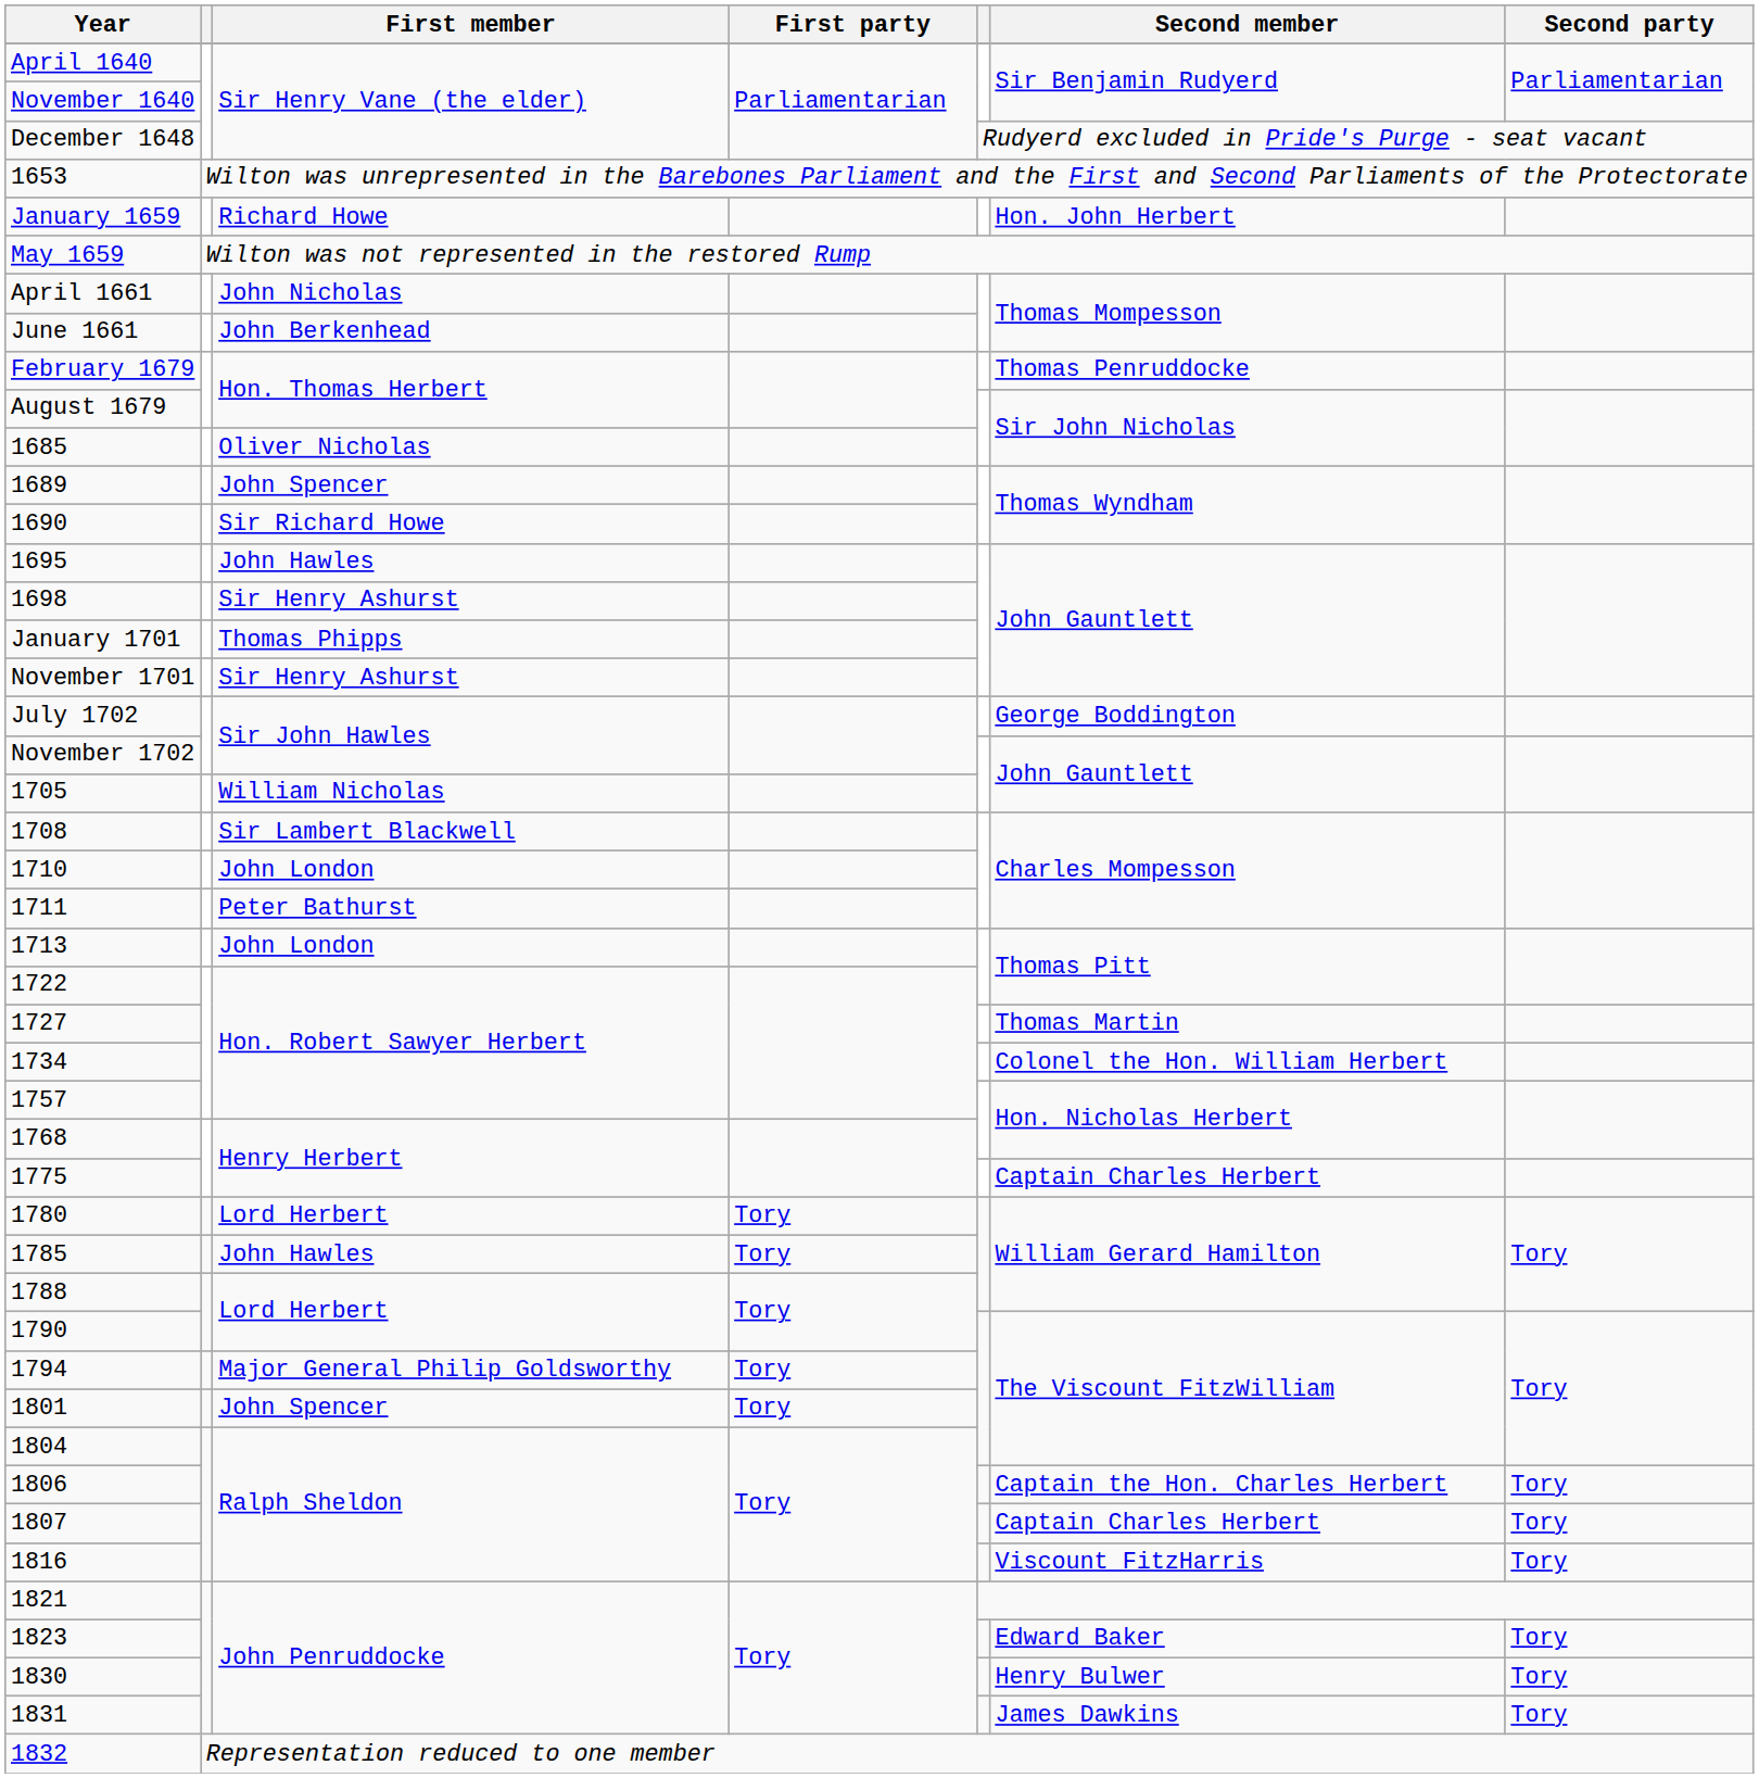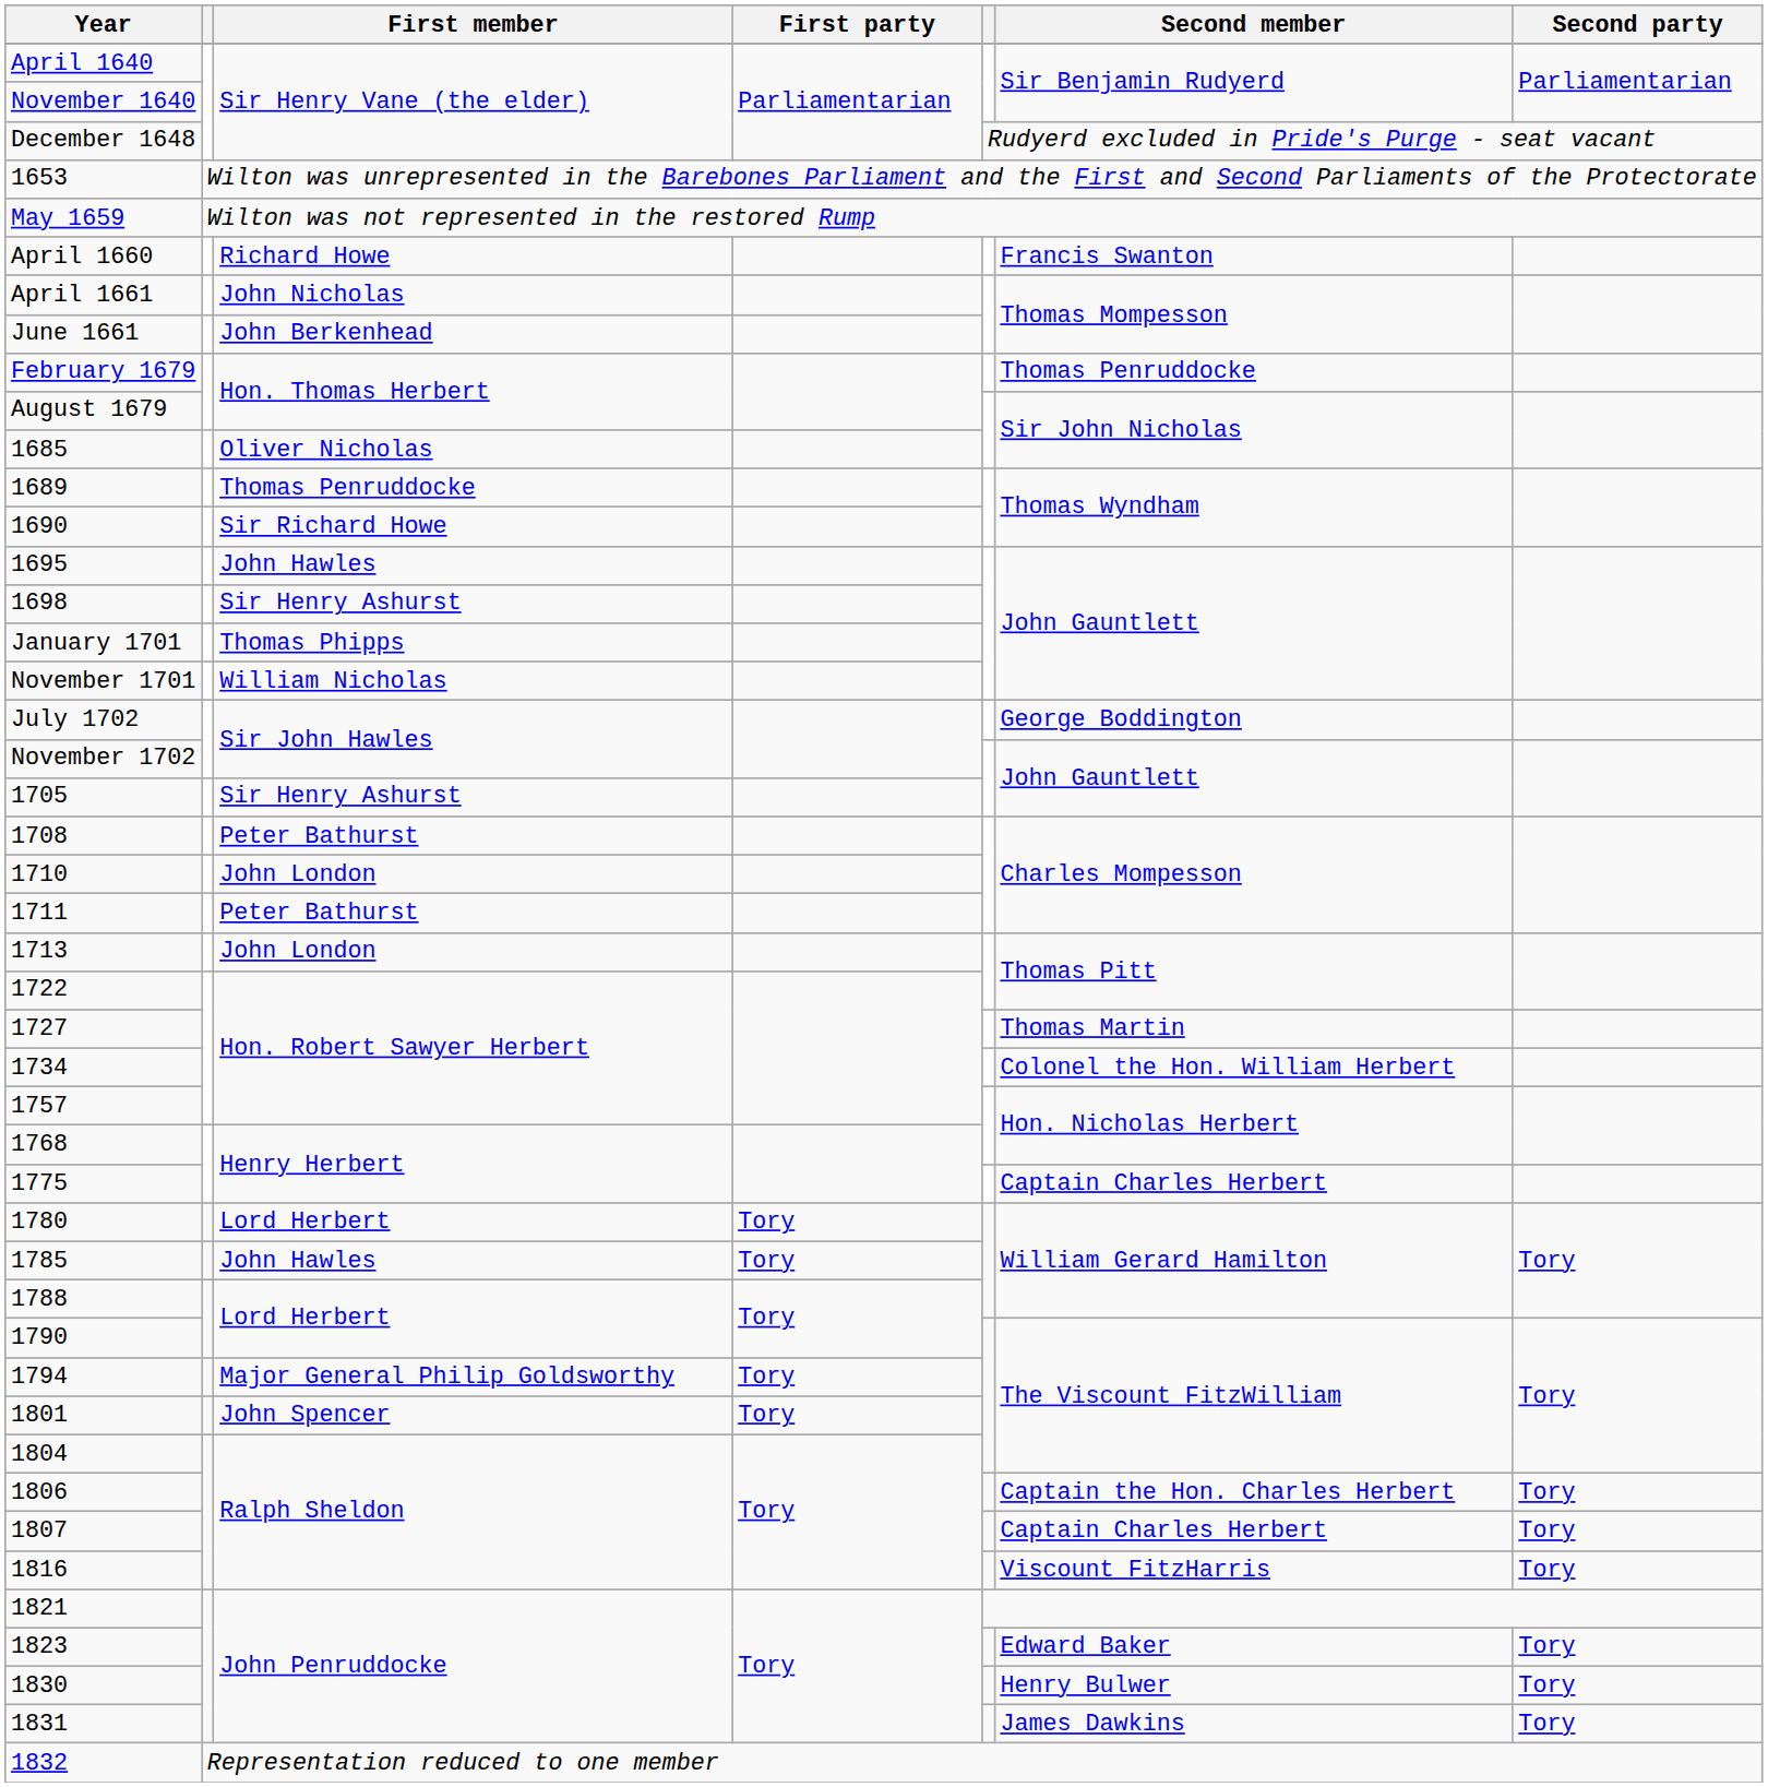 <table class="wikitable">
 <tr>
 <th>Year</th>
 <th></th>
 <th>First member</th>
 <th>First party</th>
 <th></th>
 <th>Second member</th>
 <th>Second party</th>
 </tr>
 <tr>
 </tr>
 <tr>
 <td><a href='#'>April 1640</a></td>
 <td rowspan="3" style="color:inherit;background-color: white"></td>
 <td rowspan="3"><a href='#'>Sir Henry Vane (the elder)</a></td>
 <td rowspan="3"><a href='#'>Parliamentarian</a></td>
 <td rowspan="2" style="color:inherit;background-color: white"></td>
 <td rowspan="2"><a href='#'>Sir Benjamin Rudyerd</a></td>
 <td rowspan="2"><a href='#'>Parliamentarian</a></td>
 </tr>
 <tr>
 <td><a href='#'>November 1640</a></td>
 </tr>
 <tr>
 <td>December 1648</td>
 <td colspan="3"><em>Rudyerd excluded in <a href='#'>Pride's Purge</a> - seat vacant</em></td>
 </tr>
 <tr>
 <td>1653</td>
 <td colspan="6"><em>Wilton was unrepresented in the <a href='#'>Barebones Parliament</a> and the <a href='#'>First</a> and <a href='#'>Second</a> Parliaments of the Protectorate</em></td>
 </tr>
 <tr>
-<td><a href='#'>January 1659</a></td>
+<td><a href='#'>May 1659</a></td>
+<td colspan="6"><em>Wilton was not represented in the restored <a href='#'>Rump</a></em></td>
+</tr>
+<tr>
+<td>April 1660</td>
 <td style="color:inherit;background-color: white"></td>
 <td><a href='#'>Richard Howe</a></td>
 <td></td>
 <td style="color:inherit;background-color: white"></td>
-<td><a href='#'>Hon. John Herbert</a></td>
+<td><a href='#'>Francis Swanton</a></td>
 <td></td>
-</tr>
-<tr>
-<td><a href='#'>May 1659</a></td>
-<td colspan="6"><em>Wilton was not represented in the restored <a href='#'>Rump</a></em></td>
 </tr>
 <tr>
 <td>April 1661</td>
 <td style="color:inherit;background-color: white"></td>
 <td><a href='#'>John Nicholas</a></td>
 <td></td>
 <td rowspan="2" style="color:inherit;background-color: white"></td>
 <td rowspan="2"><a href='#'>Thomas Mompesson</a></td>
 <td rowspan="2"></td>
 </tr>
 <tr>
 <td>June 1661</td>
 <td style="color:inherit;background-color: white"></td>
 <td><a href='#'>John Berkenhead</a></td>
 <td></td>
 </tr>
 <tr>
 <td><a href='#'>February 1679</a></td>
 <td rowspan="2" style="color:inherit;background-color: white"></td>
 <td rowspan="2"><a href='#'>Hon. Thomas Herbert</a></td>
 <td rowspan="2"></td>
 <td style="color:inherit;background-color: white"></td>
 <td><a href='#'>Thomas Penruddocke</a></td>
 <td></td>
 </tr>
 <tr>
 <td>August 1679</td>
 <td rowspan="2" style="color:inherit;background-color: white"></td>
 <td rowspan="2"><a href='#'>Sir John Nicholas</a></td>
 <td rowspan="2"></td>
 </tr>
 <tr>
 <td>1685</td>
 <td style="color:inherit;background-color: white"></td>
 <td><a href='#'>Oliver Nicholas</a></td>
 <td></td>
 </tr>
 <tr>
 <td>1689</td>
 <td style="color:inherit;background-color: white"></td>
-<td><a href='#'>John Spencer</a></td>
+<td><a href='#'>Thomas Penruddocke</a></td>
 <td></td>
 <td rowspan="2" style="color:inherit;background-color: white"></td>
 <td rowspan="2"><a href='#'>Thomas Wyndham</a></td>
 <td rowspan="2"></td>
 </tr>
 <tr>
 <td>1690</td>
 <td style="color:inherit;background-color: white"></td>
 <td><a href='#'>Sir Richard Howe</a></td>
 <td></td>
 </tr>
 <tr>
 <td>1695</td>
 <td style="color:inherit;background-color: white"></td>
 <td><a href='#'>John Hawles</a></td>
 <td></td>
 <td rowspan="4" style="color:inherit;background-color: white"></td>
 <td rowspan="4"><a href='#'>John Gauntlett</a></td>
 <td rowspan="4"></td>
 </tr>
 <tr>
 <td>1698</td>
 <td style="color:inherit;background-color: white"></td>
 <td><a href='#'>Sir Henry Ashurst</a></td>
 <td></td>
 </tr>
 <tr>
 <td>January 1701</td>
 <td style="color:inherit;background-color: white"></td>
 <td><a href='#'>Thomas Phipps</a></td>
 <td></td>
 </tr>
 <tr>
 <td>November 1701</td>
 <td style="color:inherit;background-color: white"></td>
-<td><a href='#'>Sir Henry Ashurst</a></td>
+<td><a href='#'>William Nicholas</a></td>
 <td></td>
 </tr>
 <tr>
 <td>July 1702</td>
 <td rowspan="2" style="color:inherit;background-color: white"></td>
 <td rowspan="2"><a href='#'>Sir John Hawles</a></td>
 <td rowspan="2"></td>
 <td style="color:inherit;background-color: white"></td>
 <td><a href='#'>George Boddington</a></td>
 <td></td>
 </tr>
 <tr>
 <td>November 1702</td>
 <td rowspan="2" style="color:inherit;background-color: white"></td>
 <td rowspan="2"><a href='#'>John Gauntlett</a></td>
 <td rowspan="2"></td>
 </tr>
 <tr>
 <td>1705</td>
 <td style="color:inherit;background-color: white"></td>
-<td><a href='#'>William Nicholas</a></td>
+<td><a href='#'>Sir Henry Ashurst</a></td>
 <td></td>
 </tr>
 <tr>
 <td>1708</td>
 <td style="color:inherit;background-color: white"></td>
-<td><a href='#'>Sir Lambert Blackwell</a></td>
+<td><a href='#'>Peter Bathurst</a></td>
 <td></td>
 <td rowspan="3" style="color:inherit;background-color: white"></td>
 <td rowspan="3"><a href='#'>Charles Mompesson</a></td>
 <td rowspan="3"></td>
 </tr>
 <tr>
 <td>1710</td>
 <td style="color:inherit;background-color: white"></td>
 <td><a href='#'>John London</a></td>
 <td></td>
 </tr>
 <tr>
 <td>1711</td>
 <td style="color:inherit;background-color: white"></td>
 <td><a href='#'>Peter Bathurst</a></td>
 <td></td>
 </tr>
 <tr>
 <td>1713</td>
 <td style="color:inherit;background-color: white"></td>
 <td><a href='#'>John London</a></td>
 <td></td>
 <td rowspan="2" style="color:inherit;background-color: white"></td>
 <td rowspan="2"><a href='#'>Thomas Pitt</a></td>
 <td rowspan="2"></td>
 </tr>
 <tr>
 <td>1722</td>
 <td rowspan="4" style="color:inherit;background-color: white"></td>
 <td rowspan="4"><a href='#'>Hon. Robert Sawyer Herbert</a></td>
 <td rowspan="4"></td>
 </tr>
 <tr>
 <td>1727</td>
 <td style="color:inherit;background-color: white"></td>
 <td><a href='#'>Thomas Martin</a></td>
 <td></td>
 </tr>
 <tr>
 <td>1734</td>
 <td style="color:inherit;background-color: white"></td>
 <td><a href='#'>Colonel the Hon. William Herbert</a></td>
 <td></td>
 </tr>
 <tr>
 <td>1757</td>
 <td rowspan="2" style="color:inherit;background-color: white"></td>
 <td rowspan="2"><a href='#'>Hon. Nicholas Herbert</a></td>
 <td rowspan="2"></td>
 </tr>
 <tr>
 <td>1768</td>
 <td rowspan="2" style="color:inherit;background-color: white"></td>
 <td rowspan="2"><a href='#'>Henry Herbert</a></td>
 <td rowspan="2"></td>
 </tr>
 <tr>
 <td>1775</td>
 <td style="color:inherit;background-color: white"></td>
 <td><a href='#'>Captain Charles Herbert</a></td>
 <td></td>
 </tr>
 <tr>
 <td>1780</td>
 <td style="color:inherit;background-color: "></td>
 <td><a href='#'>Lord Herbert</a></td>
 <td><a href='#'>Tory</a></td>
 <td rowspan="3" style="color:inherit;background-color: "></td>
 <td rowspan="3"><a href='#'>William Gerard Hamilton</a></td>
 <td rowspan="3"><a href='#'>Tory</a></td>
 </tr>
 <tr>
 <td>1785</td>
 <td style="color:inherit;background-color: "></td>
 <td><a href='#'>John Hawles</a></td>
 <td><a href='#'>Tory</a></td>
 </tr>
 <tr>
 <td>1788</td>
 <td rowspan="2" style="color:inherit;background-color: "></td>
 <td rowspan="2"><a href='#'>Lord Herbert</a></td>
 <td rowspan="2"><a href='#'>Tory</a></td>
 </tr>
 <tr>
 <td>1790</td>
 <td rowspan="4" style="color:inherit;background-color: "></td>
 <td rowspan="4"><a href='#'>The Viscount FitzWilliam</a></td>
 <td rowspan="4"><a href='#'>Tory</a></td>
 </tr>
 <tr>
 <td>1794</td>
 <td style="color:inherit;background-color: "></td>
 <td><a href='#'>Major General Philip Goldsworthy</a></td>
 <td><a href='#'>Tory</a></td>
 </tr>
 <tr>
 <td>1801</td>
 <td style="color:inherit;background-color: "></td>
 <td><a href='#'>John Spencer</a></td>
 <td><a href='#'>Tory</a></td>
 </tr>
 <tr>
 <td>1804</td>
 <td rowspan="4" style="color:inherit;background-color: "></td>
 <td rowspan="4"><a href='#'>Ralph Sheldon</a></td>
 <td rowspan="4"><a href='#'>Tory</a></td>
 </tr>
 <tr>
 <td>1806</td>
 <td style="color:inherit;background-color: "></td>
 <td><a href='#'>Captain the Hon. Charles Herbert</a></td>
 <td><a href='#'>Tory</a></td>
 </tr>
 <tr>
 <td>1807</td>
 <td style="color:inherit;background-color: "></td>
 <td><a href='#'>Captain Charles Herbert</a></td>
 <td><a href='#'>Tory</a></td>
 </tr>
 <tr>
 <td>1816</td>
 <td style="color:inherit;background-color: "></td>
 <td><a href='#'>Viscount FitzHarris</a></td>
 <td><a href='#'>Tory</a></td>
 </tr>
 <tr>
 <td>1821</td>
 <td rowspan="4" style="color:inherit;background-color: "></td>
 <td rowspan="4"><a href='#'>John Penruddocke</a></td>
 <td rowspan="4"><a href='#'>Tory</a></td>
 </tr>
 <tr>
 <td>1823</td>
 <td style="color:inherit;background-color: "></td>
 <td><a href='#'>Edward Baker</a></td>
 <td><a href='#'>Tory</a></td>
 </tr>
 <tr>
 <td>1830</td>
 <td style="color:inherit;background-color: "></td>
 <td><a href='#'>Henry Bulwer</a></td>
 <td><a href='#'>Tory</a></td>
 </tr>
 <tr>
 <td>1831</td>
 <td style="color:inherit;background-color: "></td>
 <td><a href='#'>James Dawkins</a></td>
 <td><a href='#'>Tory</a></td>
 </tr>
 <tr>
 <td><a href='#'>1832</a></td>
 <td colspan="6"><em>Representation reduced to one member</em></td>
 </tr>
 </table>
